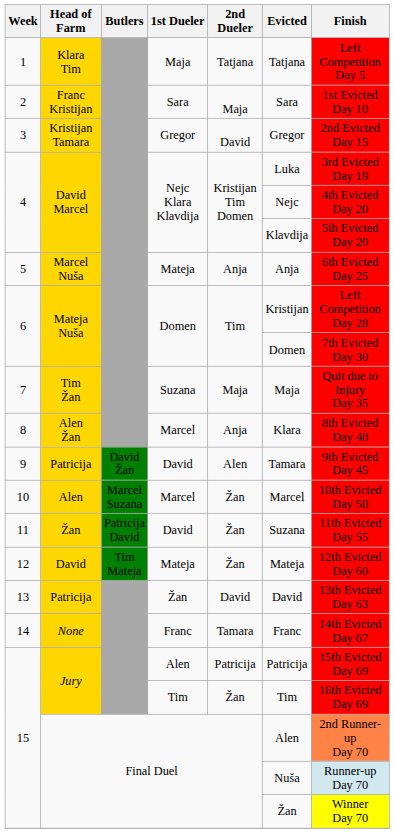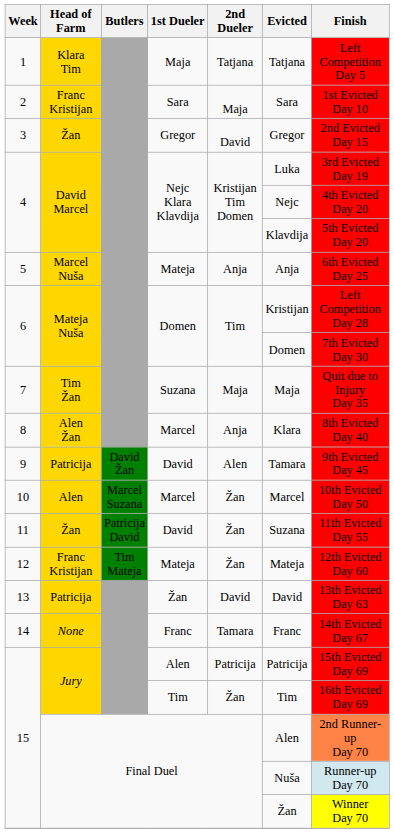 <table class="wikitable" style="font-size:100%; text-align:center; width: 80%; margin-left: auto; margin-right: auto;">
 <tr>
 <th>Week</th>
 <th>Head of Farm</th>
 <th>Butlers</th>
 <th>1st Dueler</th>
 <th>2nd Dueler</th>
 <th>Evicted</th>
 <th>Finish</th>
 </tr>
 <tr>
 <td>1</td>
 <td style="background:gold;">Klara<br>Tim</td>
 <td rowspan="11" bgcolor="darkgrey"></td>
 <td>Maja</td>
 <td>Tatjana</td>
 <td>Tatjana</td>
 <td style="background:#ff0000">Left Competition<br>Day 5</td>
 </tr>
 <tr>
 <td>2</td>
 <td style="background:gold;">Franc<br>Kristijan</td>
 <td>Sara</td>
 <td><br>Maja<br></td>
 <td>Sara</td>
 <td style="background:#ff0000">1st Evicted<br>Day 10</td>
 </tr>
 <tr>
 <td>3</td>
-<td style="background:gold;">Kristijan<br>Tamara</td>
+<td style="background:gold;">Žan</td>
 <td>Gregor</td>
 <td><br>David</td>
 <td>Gregor</td>
 <td style="background:#ff0000">2nd Evicted<br>Day 15</td>
 </tr>
 <tr>
 <td rowspan="3">4</td>
 <td rowspan="3" style="background:gold;">David<br>Marcel</td>
 <td rowspan="3">Nejc<br>Klara Klavdija</td>
 <td rowspan="3">Kristijan<br>Tim  Domen</td>
 <td rowspan="1">Luka</td>
 <td rowspan="1" style="background:#ff0000">3rd Evicted<br>Day 19</td>
 </tr>
 <tr>
 <td rowspan="1">Nejc</td>
 <td rowspan="1" style="background:#ff0000">4th Evicted<br>Day 20</td>
 </tr>
 <tr>
 <td rowspan="1">Klavdija</td>
 <td rowspan="1" style="background:#ff0000">5th Evicted<br>Day 20</td>
 </tr>
 <tr>
 <td>5</td>
 <td style="background:gold;">Marcel<br>Nuša</td>
 <td>Mateja</td>
 <td>Anja</td>
 <td>Anja</td>
 <td style="background:#ff0000">6th Evicted<br>Day 25</td>
 </tr>
 <tr>
 <td rowspan="2">6</td>
 <td rowspan="2" style="background:gold;">Mateja<br>Nuša</td>
 <td rowspan="2">Domen</td>
 <td rowspan="2">Tim</td>
 <td rowspan="1">Kristijan</td>
 <td rowspan="1" style="background:#ff0000">Left Competition<br>Day 28</td>
 </tr>
 <tr>
 <td rowspan="1">Domen</td>
 <td rowspan="1" style="background:#ff0000">7th Evicted<br>Day 30</td>
 </tr>
 <tr>
 <td>7</td>
 <td style="background:gold;">Tim<br>Žan</td>
 <td>Suzana</td>
 <td>Maja</td>
 <td>Maja</td>
 <td style="background:#ff0000">Quit due to Injury<br>Day 35</td>
 </tr>
 <tr>
 <td>8</td>
 <td style="background:gold;">Alen<br>Žan</td>
 <td>Marcel</td>
 <td>Anja</td>
 <td>Klara</td>
 <td style="background:#ff0000">8th Evicted<br>Day 40</td>
 </tr>
 <tr>
 <td>9</td>
 <td style="background:gold;">Patricija</td>
 <td style="background:green;">David<br>Žan</td>
 <td>David</td>
 <td>Alen</td>
 <td>Tamara</td>
 <td style="background:#ff0000">9th Evicted<br>Day 45</td>
 </tr>
 <tr>
 <td>10</td>
 <td style="background:gold;">Alen</td>
 <td style="background:green;">Marcel<br>Suzana</td>
 <td>Marcel</td>
 <td>Žan</td>
 <td>Marcel</td>
 <td style="background:#ff0000">10th Evicted<br>Day 50</td>
 </tr>
 <tr>
 <td>11</td>
 <td style="background:gold;">Žan</td>
 <td style="background:green;">Patricija<br>David</td>
 <td>David</td>
 <td rowspan="1">Žan</td>
 <td>Suzana</td>
 <td style="background:#ff0000">11th Evicted<br>Day 55</td>
 </tr>
 <tr>
 <td>12</td>
-<td style="background:gold;">David</td>
+<td style="background:gold;">Franc<br>Kristijan</td>
 <td style="background:green;">Tim<br>Mateja</td>
 <td>Mateja</td>
 <td>Žan</td>
 <td>Mateja</td>
 <td style="background:#ff0000">12th Evicted<br>Day 60</td>
 </tr>
 <tr>
 <td>13</td>
 <td style="background:gold;">Patricija</td>
 <td rowspan="4" bgcolor="darkgrey"></td>
 <td>Žan</td>
 <td>David</td>
 <td>David</td>
 <td style="background:#ff0000">13th Evicted<br>Day 63</td>
 </tr>
 <tr>
 <td>14</td>
 <td style="background:gold;"><em>None</em></td>
 <td>Franc</td>
 <td>Tamara</td>
 <td>Franc</td>
 <td style="background:#ff0000">14th Evicted<br>Day 67</td>
 </tr>
 <tr>
 <td rowspan="5">15</td>
 <td rowspan="2" style="background:gold;"><em>Jury</em></td>
 <td rowspan="1">Alen</td>
 <td rowspan="1">Patricija</td>
 <td rowspan="1">Patricija</td>
 <td rowspan="1" style="background:#ff0000">15th Evicted<br>Day 69</td>
 </tr>
 <tr>
 <td rowspan="1">Tim</td>
 <td rowspan="1">Žan</td>
 <td rowspan="1">Tim</td>
 <td rowspan="1" style="background:#ff0000">16th Evicted<br>Day 69</td>
 </tr>
 <tr>
 <td colspan="4" rowspan="3">Final Duel</td>
 <td rowspan="1">Alen</td>
 <td rowspan="1" style="background:#FF8247;">2nd Runner-up<br>Day 70</td>
 </tr>
 <tr>
 <td rowspan="1">Nuša</td>
 <td rowspan="1" style="background:#D1E8EF">Runner-up<br>Day 70</td>
 </tr>
 <tr>
 <td rowspan="1">Žan</td>
 <td rowspan="1" style="background:yellow">Winner<br>Day 70</td>
 </tr>
 <tr>
 </tr>
 </table>
